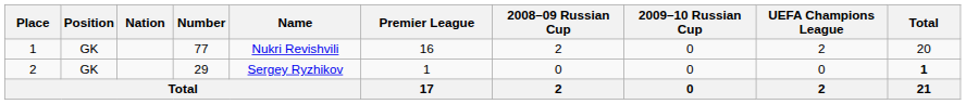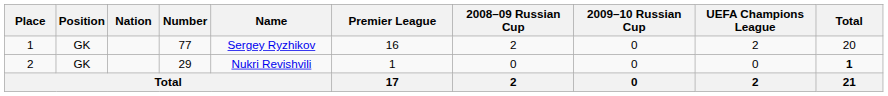 <table class="wikitable" style="font-size: 95%; text-align: center;">
 <tr>
 <th width=60>Place</th>
 <th width=60>Position</th>
 <th width=60>Nation</th>
 <th width=60>Number</th>
 <th width=150>Name</th>
 <th width=150>Premier League</th>
 <th width=150>2008–09 Russian Cup</th>
 <th width=150>2009–10 Russian Cup</th>
 <th width=150>UEFA Champions League</th>
 <th width=80>Total</th>
 </tr>
 <tr>
 <td>1</td>
 <td>GK</td>
 <td></td>
 <td>77</td>
-<td><a href='#'>Nukri Revishvili</a></td>
+<td><a href='#'>Sergey Ryzhikov</a></td>
 <td>16</td>
 <td>2</td>
 <td>0</td>
 <td>2</td>
 <td>20</td>
 </tr>
 <tr>
 <td>2</td>
 <td>GK</td>
 <td></td>
 <td>29</td>
-<td><a href='#'>Sergey Ryzhikov</a></td>
+<td><a href='#'>Nukri Revishvili</a></td>
 <td>1</td>
 <td>0</td>
 <td>0</td>
 <td>0</td>
 <td><strong>1</strong></td>
 </tr>
 <tr>
 <th colspan=5>Total</th>
 <th>17</th>
 <th>2</th>
 <th>0</th>
 <th>2</th>
 <th>21</th>
 </tr>
 </table>
